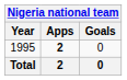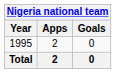 <table class="wikitable" style="text-align:center">
 <tr>
 <th colspan=3><a href='#'>Nigeria national team</a></th>
 </tr>
 <tr>
 <th>Year</th>
 <th>Apps</th>
 <th>Goals</th>
 </tr>
 <tr>
 <td>1995</td>
-<td><strong>2</strong></td>
+<td>2</td>
 <td>0</td>
 </tr>
 <tr>
 <th>Total</th>
 <th>2</th>
 <th>0</th>
 </tr>
 </table>
